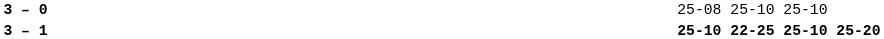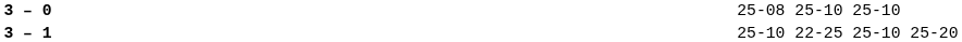 <table width=100% cellspacing=1>
 <tr>
 <th width=20%></th>
 <th width=12%></th>
 <th width=20%></th>
 <th width=33%></th>
 <td></td>
 </tr>
 <tr style=font-size:90%>
 <td align=right><strong></strong></td>
 <td align=center><strong>3 – 0</strong></td>
 <td></td>
 <td>25-08 25-10 25-10</td>
 <td></td>
 </tr>
 <tr style=font-size:90%>
 <td align=right><strong></strong></td>
 <td align=center><strong>3 – 1</strong></td>
 <td></td>
-<td><strong>25-10 22-25 25-10 25-20</strong></td>
+<td>25-10 22-25 25-10 25-20</td>
 </tr>
 </table>
